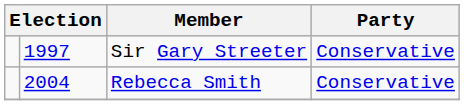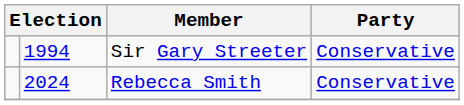 <table class="wikitable">
 <tr>
 <th colspan="2">Election</th>
 <th>Member</th>
 <th>Party</th>
 </tr>
 <tr>
 <td style="color:inherit;background-color: "></td>
-<td><a href='#'>1997</a></td>
+<td><a href='#'>1994</a></td>
 <td>Sir <a href='#'>Gary Streeter</a></td>
 <td><a href='#'>Conservative</a></td>
 </tr>
 <tr>
 <td style="color:inherit;background-color: "></td>
-<td><a href='#'>2004</a></td>
+<td><a href='#'>2024</a></td>
 <td><a href='#'>Rebecca Smith</a></td>
 <td><a href='#'>Conservative</a></td>
 </tr>
 <tr>
 </tr>
 </table>
